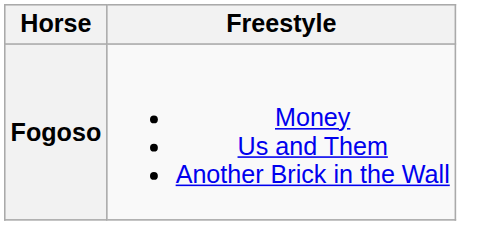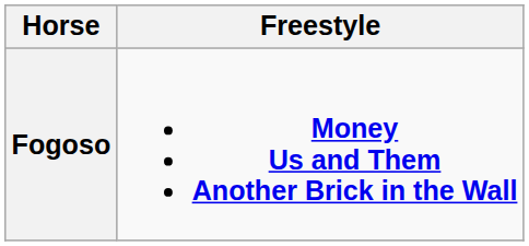 <table class=wikitable style=text-align:center>
 <tr>
 <th>Horse</th>
 <th>Freestyle</th>
 </tr>
 <tr>
 <th>Fogoso</th>
-<td><br><ul><li><a href='#'>Money</a></li><li><a href='#'>Us and Them</a></li><li><a href='#'>Another Brick in the Wall</a> <br></li></ul></td>
+<td><strong><br><ul><li><a href='#'>Money</a></li><li><a href='#'>Us and Them</a></li><li><a href='#'>Another Brick in the Wall</a> <br></li></ul></strong></td>
 </tr>
 </table>
